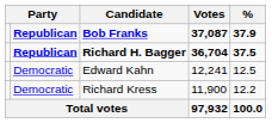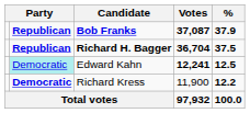 <table class="wikitable">
 <tr>
 <th colspan="2">Party</th>
 <th>Candidate</th>
 <th>Votes</th>
 <th>%</th>
 </tr>
 <tr>
 <td></td>
 <td><strong><a href='#'>Republican</a></strong></td>
 <td><strong><a href='#'>Bob Franks</a></strong></td>
 <td><strong>37,087</strong></td>
 <td><strong>37.9</strong></td>
 </tr>
 <tr>
 <td></td>
 <td><strong><a href='#'>Republican</a></strong></td>
 <td><strong>Richard H. Bagger</strong></td>
 <td><strong>36,704</strong></td>
 <td><strong>37.5</strong></td>
 </tr>
 <tr>
 <td></td>
-<td><a href='#'>Democratic</a></td>
+<td style="background: paleturquoise;"><a href='#'>Democratic</a></td>
 <td>Edward Kahn</td>
-<td>12,241</td>
-<td>12.5</td>
+<td><strong>12,241</strong></td>
+<td><strong>12.5</strong></td>
 </tr>
 <tr>
 <td></td>
-<td><a href='#'>Democratic</a></td>
+<td><strong><a href='#'>Democratic</a></strong></td>
 <td>Richard Kress</td>
 <td>11,900</td>
-<td>12.2</td>
+<td><strong>12.2</strong></td>
 </tr>
 <tr>
 <th colspan="3">Total votes</th>
 <td><strong>97,932</strong></td>
 <td><strong>100.0</strong></td>
 </tr>
 </table>
